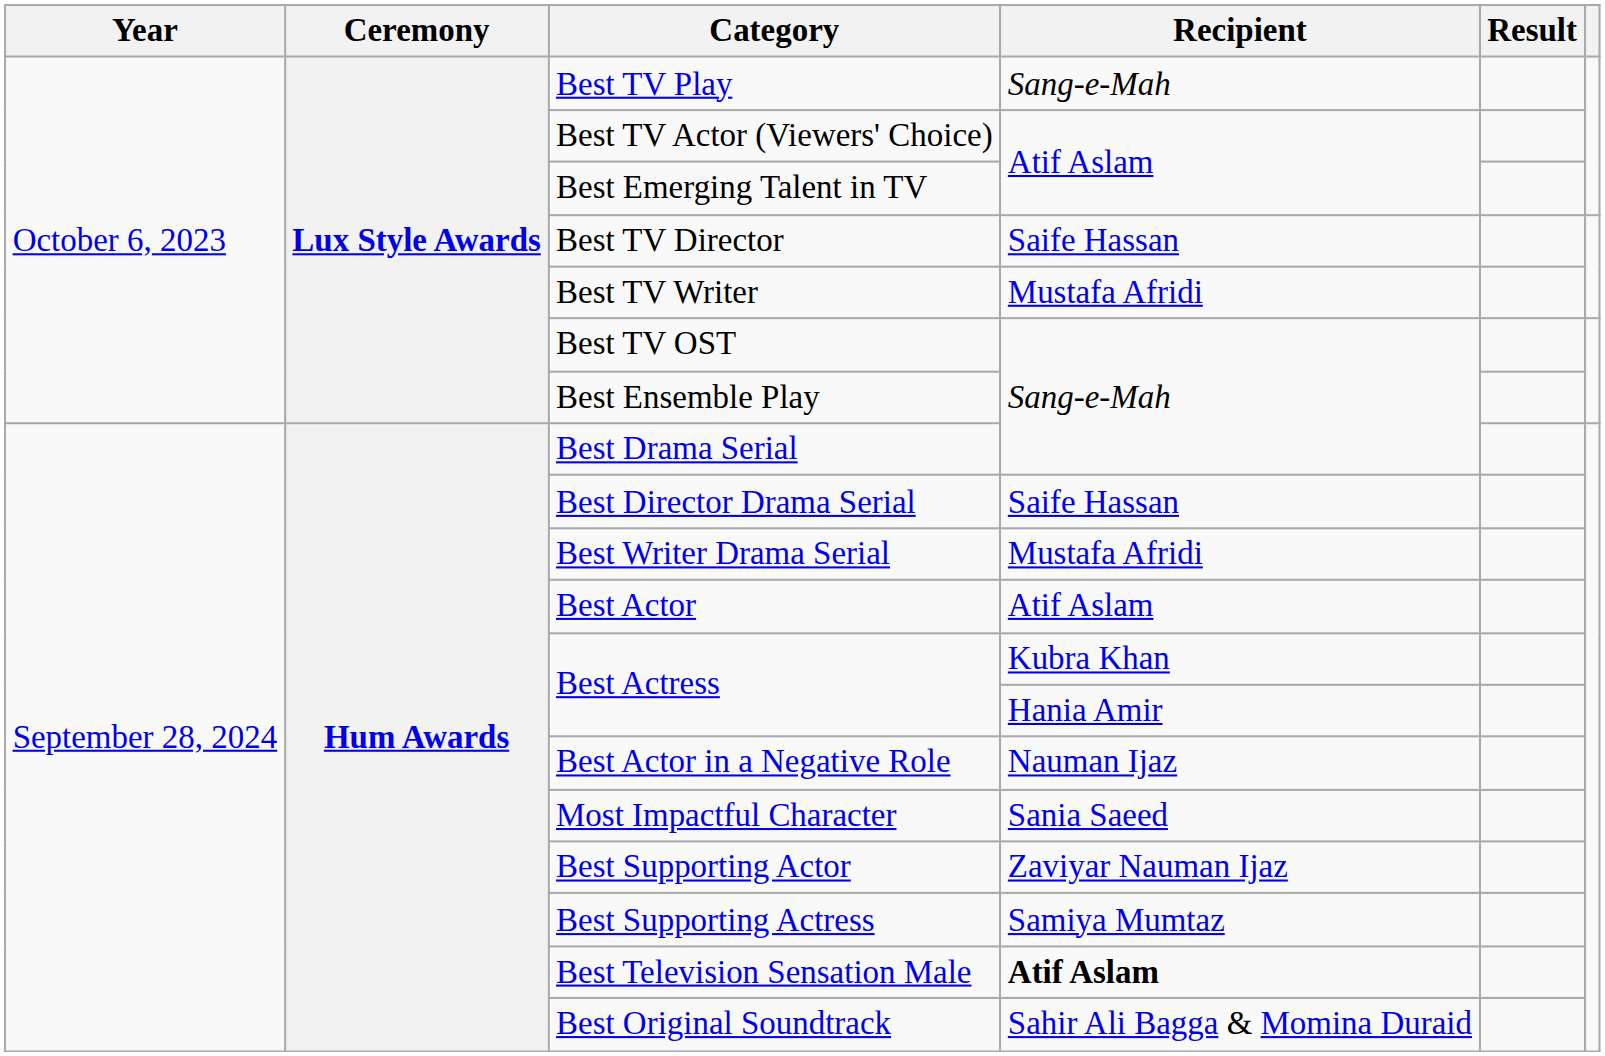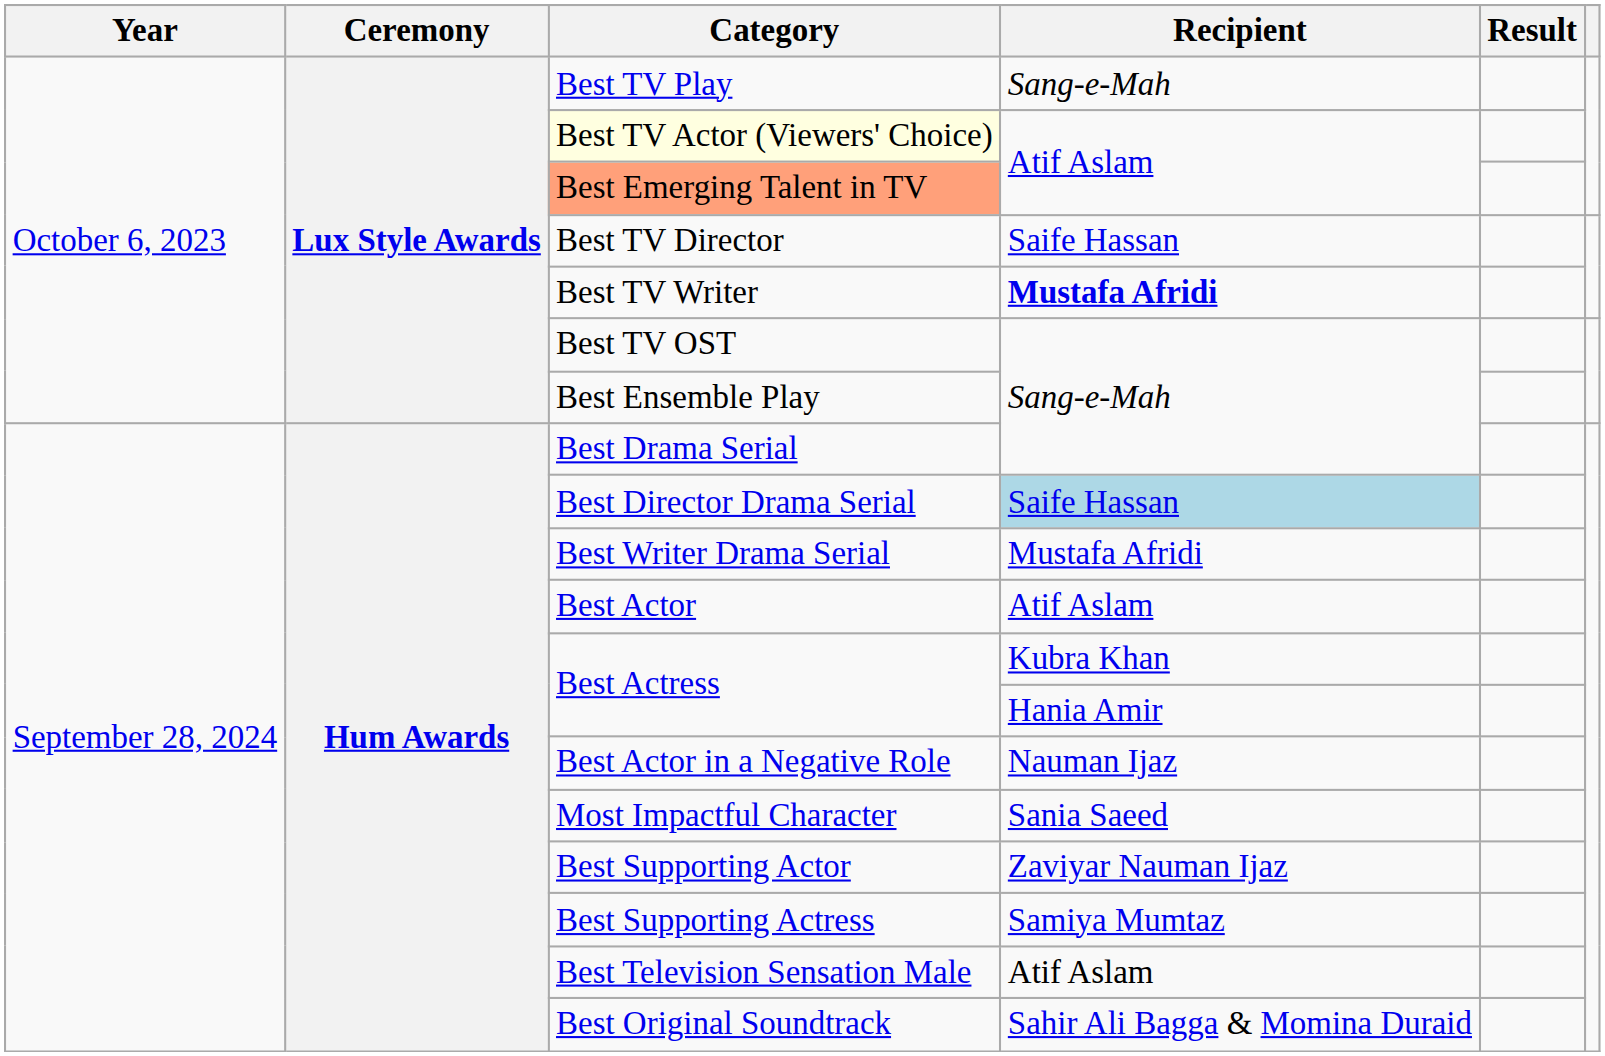 <table class="wikitable plainrowheaders">
 <tr>
 <th>Year</th>
 <th>Ceremony</th>
 <th>Category</th>
 <th>Recipient</th>
 <th>Result</th>
 <th></th>
 </tr>
 <tr>
 <td rowspan="7"><a href='#'>October 6, 2023</a></td>
 <th scope="row" rowspan="7"><a href='#'>Lux Style Awards</a></th>
 <td><a href='#'>Best TV Play</a></td>
 <td><em>Sang-e-Mah</em></td>
 <td></td>
 <td rowspan="3"></td>
 </tr>
 <tr>
-<td>Best TV Actor (Viewers' Choice)</td>
+<td style="background: lightyellow;">Best TV Actor (Viewers' Choice)</td>
 <td rowspan="2"><a href='#'>Atif Aslam</a></td>
 <td></td>
 </tr>
 <tr>
-<td>Best Emerging Talent in TV</td>
+<td style="background: lightsalmon;">Best Emerging Talent in TV</td>
 <td></td>
 </tr>
 <tr>
 <td>Best TV Director</td>
 <td><a href='#'>Saife Hassan</a></td>
 <td></td>
 <td rowspan="2"></td>
 </tr>
 <tr>
 <td>Best TV Writer</td>
-<td><a href='#'>Mustafa Afridi</a></td>
+<td><strong><a href='#'>Mustafa Afridi</a></strong></td>
 <td></td>
 </tr>
 <tr>
 <td>Best TV OST</td>
 <td rowspan="3"><em>Sang-e-Mah</em></td>
 <td></td>
 <td rowspan="2"></td>
 </tr>
 <tr>
 <td>Best Ensemble Play</td>
 <td></td>
 </tr>
 <tr>
 <td rowspan="12"><a href='#'>September 28, 2024</a></td>
 <th scope="row" rowspan="12"><a href='#'>Hum Awards</a></th>
 <td><a href='#'>Best Drama Serial</a></td>
 <td></td>
 <td rowspan="12"></td>
 </tr>
 <tr>
 <td><a href='#'>Best Director Drama Serial</a></td>
-<td><a href='#'>Saife Hassan</a></td>
+<td style="background: lightblue;"><a href='#'>Saife Hassan</a></td>
 <td></td>
 </tr>
 <tr>
 <td><a href='#'>Best Writer Drama Serial</a></td>
 <td><a href='#'>Mustafa Afridi</a></td>
 <td></td>
 </tr>
 <tr>
 <td><a href='#'>Best Actor</a></td>
 <td><a href='#'>Atif Aslam</a></td>
 <td></td>
 </tr>
 <tr>
 <td rowspan="2"><a href='#'>Best Actress</a></td>
 <td><a href='#'>Kubra Khan</a></td>
 <td></td>
 </tr>
 <tr>
 <td><a href='#'>Hania Amir</a></td>
 <td></td>
 </tr>
 <tr>
 <td><a href='#'>Best Actor in a Negative Role</a></td>
 <td><a href='#'>Nauman Ijaz</a></td>
 <td></td>
 </tr>
 <tr>
 <td><a href='#'>Most Impactful Character</a></td>
 <td><a href='#'>Sania Saeed</a></td>
 <td></td>
 </tr>
 <tr>
 <td><a href='#'>Best Supporting Actor</a></td>
 <td><a href='#'>Zaviyar Nauman Ijaz</a></td>
 <td></td>
 </tr>
 <tr>
 <td><a href='#'>Best Supporting Actress</a></td>
 <td><a href='#'>Samiya Mumtaz</a></td>
 <td></td>
 </tr>
 <tr>
 <td><a href='#'>Best Television Sensation Male</a></td>
-<td><strong>Atif Aslam</strong></td>
+<td>Atif Aslam</td>
 <td></td>
 </tr>
 <tr>
 <td><a href='#'>Best Original Soundtrack</a></td>
 <td><a href='#'>Sahir Ali Bagga</a> & <a href='#'>Momina Duraid</a></td>
 <td></td>
 </tr>
 </table>
